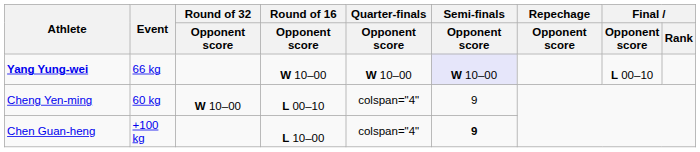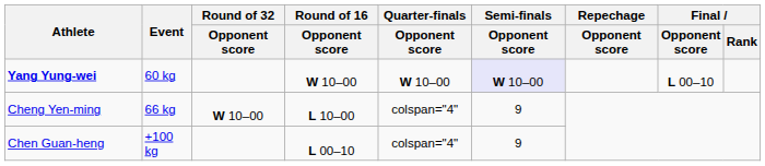 <table class="wikitable" style="font-size:90%; text-align:center">
 <tr>
 <th rowspan="2" width="150">Athlete</th>
 <th rowspan="2" width="50">Event</th>
 <th width="100">Round of 32</th>
 <th width="100">Round of 16</th>
 <th width="100">Quarter-finals</th>
 <th width="100">Semi-finals</th>
 <th width="100">Repechage</th>
 <th colspan="2" width="100">Final / </th>
 </tr>
 <tr>
 <th>Opponent<br>score</th>
 <th>Opponent<br>score</th>
 <th>Opponent<br>score</th>
 <th>Opponent<br>score</th>
 <th>Opponent<br>score</th>
 <th>Opponent<br>score</th>
 <th>Rank</th>
 </tr>
 <tr>
 <td align="left"><strong><a href='#'>Yang Yung-wei</a></strong></td>
-<td align="left"><a href='#'>66 kg</a></td>
+<td align="left"><a href='#'>60 kg</a></td>
 <td></td>
 <td><br><strong>W</strong> 10–00</td>
 <td><br><strong>W</strong> 10–00</td>
 <td style="background: lavender;"><br><strong>W</strong> 10–00</td>
 <td></td>
 <td><br><strong>L</strong> 00–10</td>
 <td></td>
 </tr>
 <tr>
 <td align="left"><a href='#'>Cheng Yen-ming</a></td>
-<td align="left"><a href='#'>60 kg</a></td>
+<td align="left"><a href='#'>66 kg</a></td>
 <td><br><strong>W</strong> 10–00</td>
-<td><br><strong>L</strong> 00–10</td>
+<td><br><strong>L</strong> 10–00</td>
 <td>colspan="4" </td>
 <td>9</td>
 </tr>
 <tr>
 <td align="left"><a href='#'>Chen Guan-heng</a></td>
 <td align="left"><a href='#'>+100 kg</a></td>
 <td></td>
-<td><br><strong>L</strong> 10–00</td>
+<td><br><strong>L</strong> 00–10</td>
 <td>colspan="4" </td>
-<td><strong>9</strong></td>
+<td>9</td>
 </tr>
 </table>
